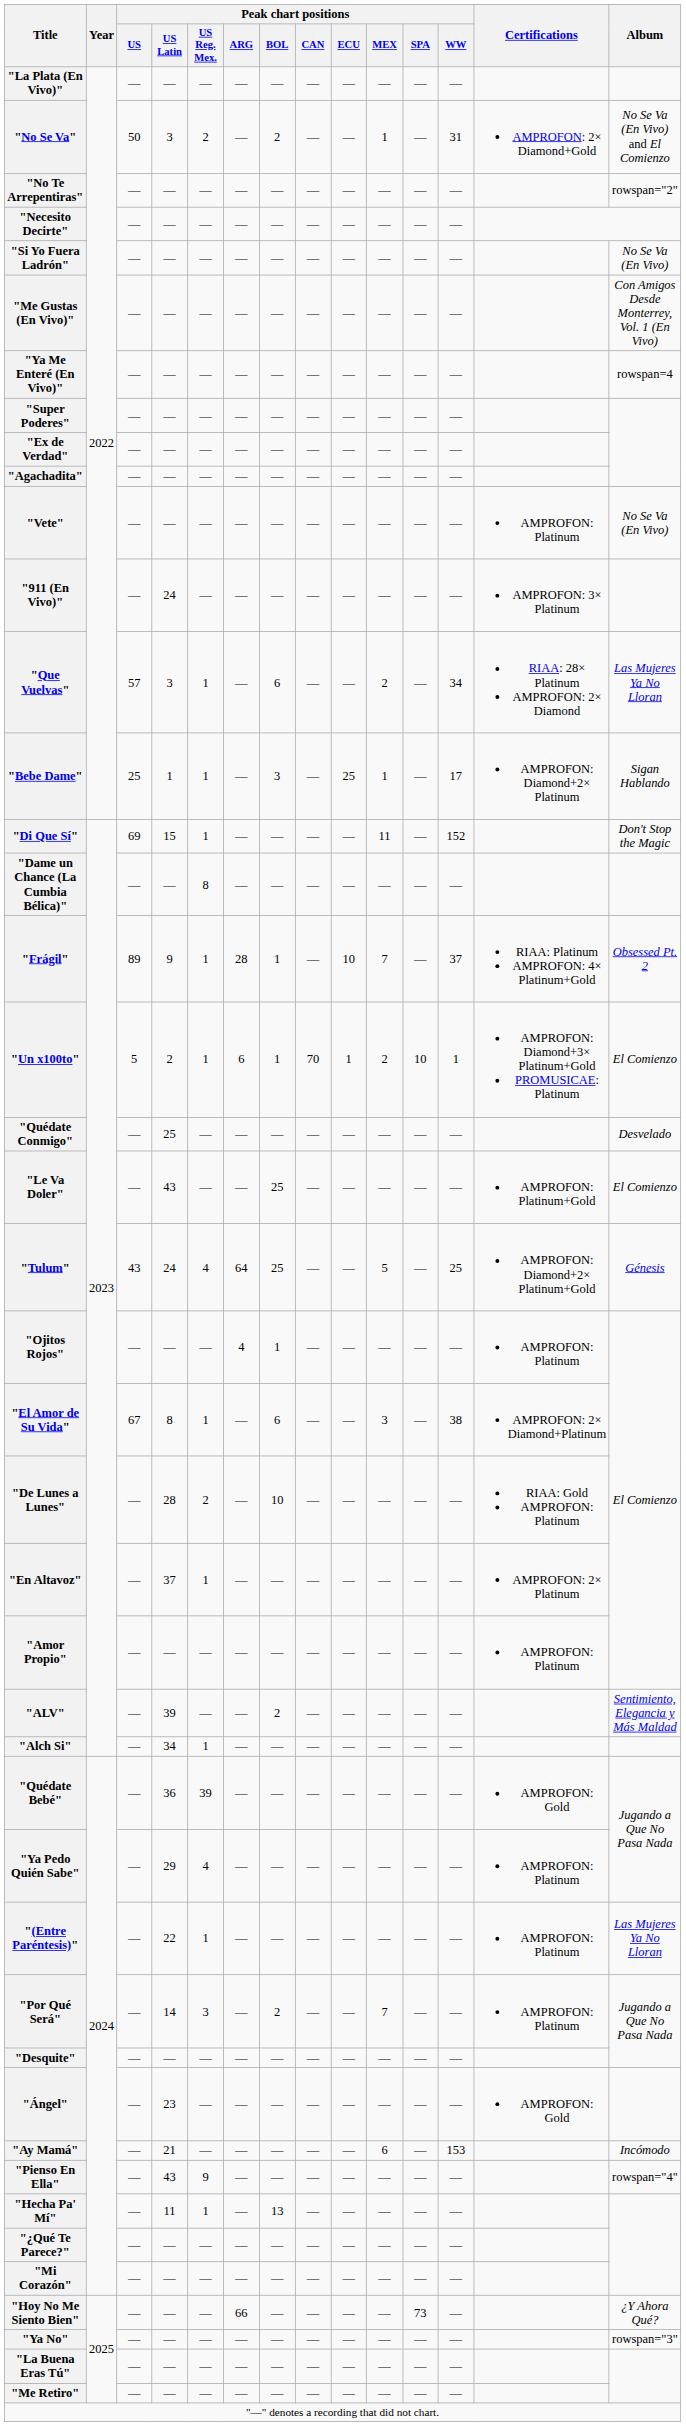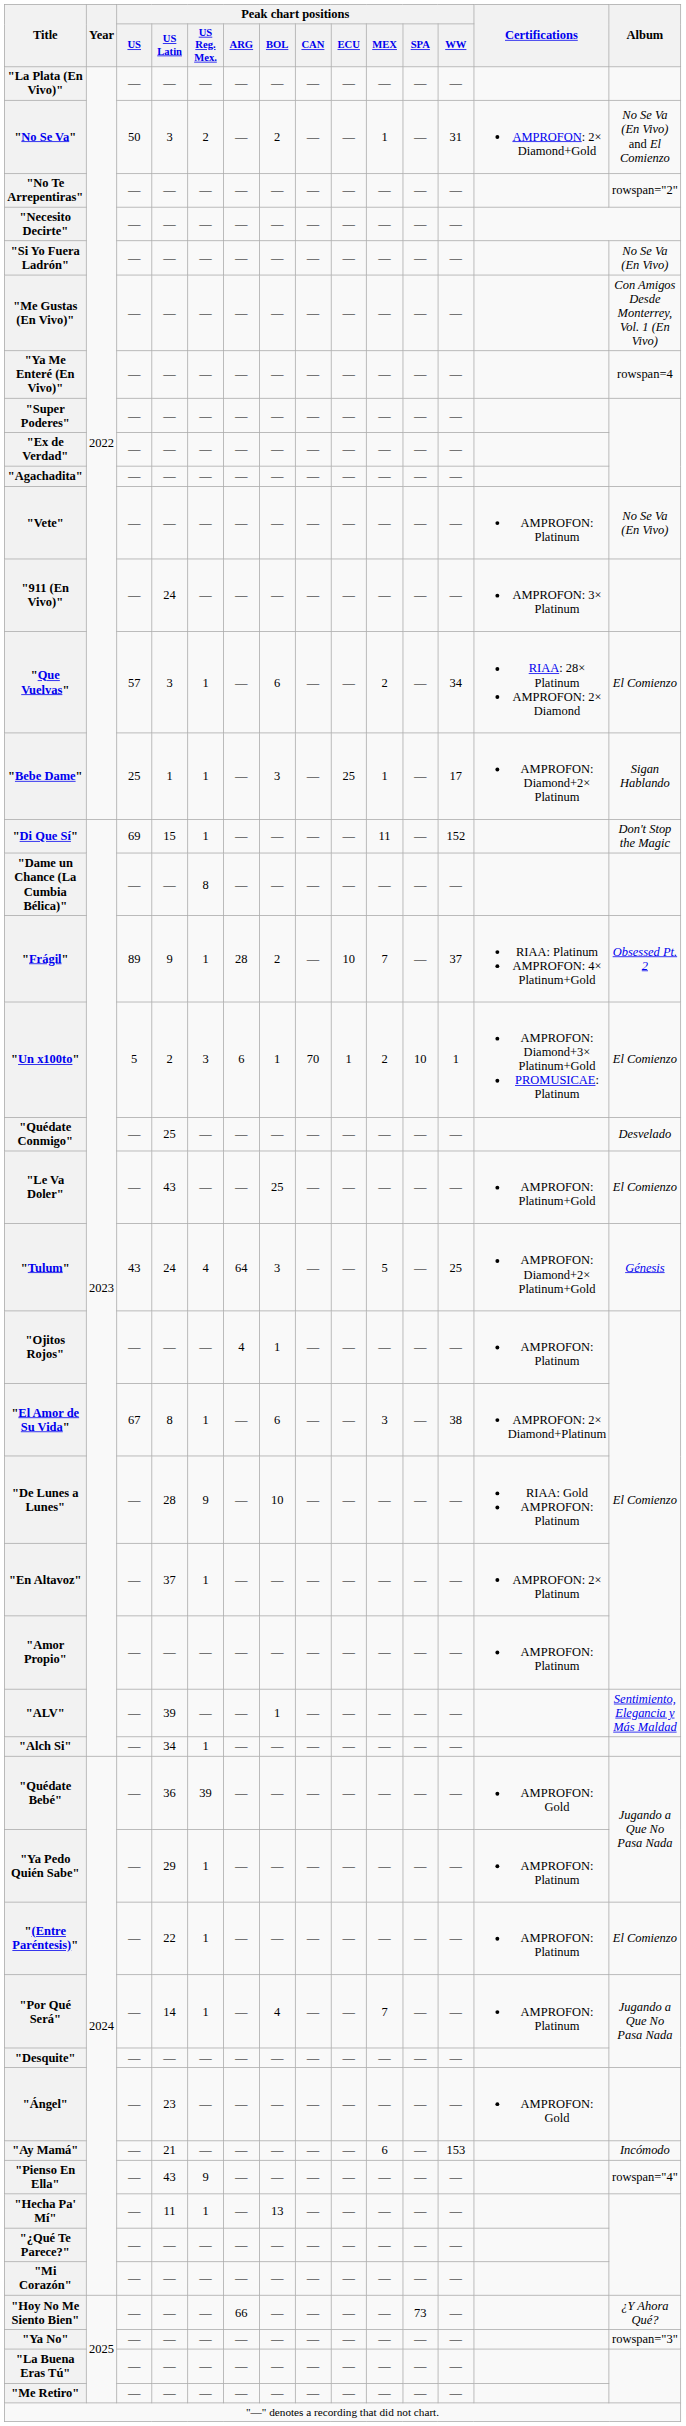 <table class="wikitable plainrowheaders" style="text-align:center;">
 <tr>
 <th scope="col" rowspan="2">Title</th>
 <th scope="col" rowspan="2">Year</th>
 <th scope="col" colspan="10">Peak chart positions</th>
 <th scope="col" rowspan="2"><a href='#'>Certifications</a></th>
 <th scope="col" rowspan="2">Album</th>
 </tr>
 <tr>
 <th scope="col" style="width:3em;font-size:85%;"><a href='#'>US</a><br></th>
 <th scope="col" style="width:3em;font-size:85%;"><a href='#'>US Latin</a><br></th>
 <th scope="col" style="width:3em;font-size:85%;"><a href='#'>US<br>Reg.<br>Mex.</a><br></th>
 <th scope="col" style="width:3em;font-size:85%;"><a href='#'>ARG</a><br></th>
 <th scope="col" style="width:3em;font-size:85%;"><a href='#'>BOL</a><br></th>
 <th scope="col" style="width:3em;font-size:85%;"><a href='#'>CAN</a><br></th>
 <th scope="col" style="width:3em;font-size:85%;"><a href='#'>ECU</a><br></th>
 <th scope="col" style="width:3em;font-size:85%;"><a href='#'>MEX</a><br></th>
 <th scope="col" style="width:3em;font-size:85%;"><a href='#'>SPA</a><br></th>
 <th scope="col" style="width:3em;font-size:85%;"><a href='#'>WW</a><br></th>
 </tr>
 <tr>
 <th scope="row">"La Plata (En Vivo)"</th>
 <td rowspan=14>2022</td>
 <td>—</td>
 <td>—</td>
 <td>—</td>
 <td>—</td>
 <td>—</td>
 <td>—</td>
 <td>—</td>
 <td>—</td>
 <td>—</td>
 <td>—</td>
 <td></td>
 <td></td>
 </tr>
 <tr>
 <th scope="row">"<a href='#'>No Se Va</a>"</th>
 <td>50</td>
 <td>3</td>
 <td>2</td>
 <td>—</td>
 <td>2</td>
 <td>—</td>
 <td>—</td>
 <td>1</td>
 <td>—</td>
 <td>31</td>
 <td><br><ul><li><a href='#'>AMPROFON</a>: 2× Diamond+Gold</li></ul></td>
 <td><em>No Se Va (En Vivo)</em> and <em>El Comienzo</em></td>
 </tr>
 <tr>
 <th scope="row">"No Te Arrepentiras"</th>
 <td>—</td>
 <td>—</td>
 <td>—</td>
 <td>—</td>
 <td>—</td>
 <td>—</td>
 <td>—</td>
 <td>—</td>
 <td>—</td>
 <td>—</td>
 <td></td>
 <td>rowspan="2" </td>
 </tr>
 <tr>
 <th scope="row">"Necesito Decirte"<br></th>
 <td>—</td>
 <td>—</td>
 <td>—</td>
 <td>—</td>
 <td>—</td>
 <td>—</td>
 <td>—</td>
 <td>—</td>
 <td>—</td>
 <td>—</td>
 </tr>
 <tr>
 <th scope="row">"Si Yo Fuera Ladrón"<br></th>
 <td>—</td>
 <td>—</td>
 <td>—</td>
 <td>—</td>
 <td>—</td>
 <td>—</td>
 <td>—</td>
 <td>—</td>
 <td>—</td>
 <td>—</td>
 <td></td>
 <td><em>No Se Va (En Vivo)</em></td>
 </tr>
 <tr>
 <th scope="row">"Me Gustas (En Vivo)"<br></th>
 <td>—</td>
 <td>—</td>
 <td>—</td>
 <td>—</td>
 <td>—</td>
 <td>—</td>
 <td>—</td>
 <td>—</td>
 <td>—</td>
 <td>—</td>
 <td></td>
 <td><em>Con Amigos Desde Monterrey, Vol. 1 (En Vivo)</em></td>
 </tr>
 <tr>
 <th scope="row">"Ya Me Enteré (En Vivo)"<br></th>
 <td>—</td>
 <td>—</td>
 <td>—</td>
 <td>—</td>
 <td>—</td>
 <td>—</td>
 <td>—</td>
 <td>—</td>
 <td>—</td>
 <td>—</td>
 <td></td>
 <td>rowspan=4 </td>
 </tr>
 <tr>
 <th scope="row">"Super Poderes"<br></th>
 <td>—</td>
 <td>—</td>
 <td>—</td>
 <td>—</td>
 <td>—</td>
 <td>—</td>
 <td>—</td>
 <td>—</td>
 <td>—</td>
 <td>—</td>
 <td></td>
 </tr>
 <tr>
 <th scope="row">"Ex de Verdad"</th>
 <td>—</td>
 <td>—</td>
 <td>—</td>
 <td>—</td>
 <td>—</td>
 <td>—</td>
 <td>—</td>
 <td>—</td>
 <td>—</td>
 <td>—</td>
 <td></td>
 </tr>
 <tr>
 <th scope="row">"Agachadita"<br></th>
 <td>—</td>
 <td>—</td>
 <td>—</td>
 <td>—</td>
 <td>—</td>
 <td>—</td>
 <td>—</td>
 <td>—</td>
 <td>—</td>
 <td>—</td>
 <td></td>
 </tr>
 <tr>
 <th scope="row">"Vete"</th>
 <td>—</td>
 <td>—</td>
 <td>—</td>
 <td>—</td>
 <td>—</td>
 <td>—</td>
 <td>—</td>
 <td>—</td>
 <td>—</td>
 <td>—</td>
 <td><br><ul><li>AMPROFON: Platinum</li></ul></td>
 <td><em>No Se Va (En Vivo)</em></td>
 </tr>
 <tr>
 <th scope="row">"911 (En Vivo)"<br></th>
 <td>—</td>
 <td>24</td>
 <td>—</td>
 <td>—</td>
 <td>—</td>
 <td>—</td>
 <td>—</td>
 <td>—</td>
 <td>—</td>
 <td>—</td>
 <td><br><ul><li>AMPROFON: 3× Platinum</li></ul></td>
 <td></td>
 </tr>
 <tr>
 <th scope="row">"<a href='#'>Que Vuelvas</a>"<br></th>
 <td>57</td>
 <td>3</td>
 <td>1</td>
 <td>—</td>
 <td>6</td>
 <td>—</td>
 <td>—</td>
 <td>2</td>
 <td>—</td>
 <td>34</td>
 <td><br><ul><li><a href='#'>RIAA</a>: 28× Platinum </li><li>AMPROFON: 2× Diamond</li></ul></td>
-<td><em><a href='#'>Las Mujeres Ya No Lloran</a></em></td>
+<td><em>El Comienzo</em></td>
 </tr>
 <tr>
 <th scope="row">"<a href='#'>Bebe Dame</a>"<br></th>
 <td>25</td>
 <td>1</td>
 <td>1</td>
 <td>—</td>
 <td>3</td>
 <td>—</td>
 <td>25</td>
 <td>1</td>
 <td>—</td>
 <td>17</td>
 <td><br><ul><li>AMPROFON: Diamond+2× Platinum</li></ul></td>
 <td><em>Sigan Hablando</em></td>
 </tr>
 <tr>
 <th scope="row">"<a href='#'>Di Que Sí</a>"<br></th>
 <td rowspan="14">2023</td>
 <td>69</td>
 <td>15</td>
 <td>1</td>
 <td>—</td>
 <td>—</td>
 <td>—</td>
 <td>—</td>
 <td>11</td>
 <td>—</td>
 <td>152</td>
 <td></td>
 <td><em>Don't Stop the Magic</em></td>
 </tr>
 <tr>
 <th scope="row">"Dame un Chance (La Cumbia Bélica)"<br></th>
 <td>—</td>
 <td>—</td>
 <td>8</td>
 <td>—</td>
 <td>—</td>
 <td>—</td>
 <td>—</td>
 <td>—</td>
 <td>—</td>
 <td>—</td>
 <td></td>
 <td></td>
 </tr>
 <tr>
 <th scope="row">"<a href='#'>Frágil</a>"<br></th>
 <td>89</td>
 <td>9</td>
 <td>1</td>
 <td>28</td>
-<td>1</td>
+<td>2</td>
 <td>—</td>
 <td>10</td>
 <td>7</td>
 <td>—</td>
 <td>37</td>
 <td><br><ul><li>RIAA: Platinum</li><li>AMPROFON: 4× Platinum+Gold</li></ul></td>
 <td><em><a href='#'>Obsessed Pt. 2</a></em></td>
 </tr>
 <tr>
 <th scope="row">"<a href='#'>Un x100to</a>"<br></th>
 <td>5</td>
 <td>2</td>
-<td>1</td>
+<td>3</td>
 <td>6</td>
 <td>1</td>
 <td>70</td>
 <td>1</td>
 <td>2</td>
 <td>10</td>
 <td>1</td>
 <td><br><ul><li>AMPROFON: Diamond+3× Platinum+Gold</li><li><a href='#'>PROMUSICAE</a>: Platinum</li></ul></td>
 <td><em>El Comienzo</em></td>
 </tr>
 <tr>
 <th scope="row">"Quédate Conmigo"<br></th>
 <td>—</td>
 <td>25</td>
 <td>—</td>
 <td>—</td>
 <td>—</td>
 <td>—</td>
 <td>—</td>
 <td>—</td>
 <td>—</td>
 <td>—</td>
 <td></td>
 <td><em>Desvelado</em></td>
 </tr>
 <tr>
 <th scope="row">"Le Va Doler"</th>
 <td>—</td>
 <td>43</td>
 <td>—</td>
 <td>—</td>
 <td>25</td>
 <td>—</td>
 <td>—</td>
 <td>—</td>
 <td>—</td>
 <td>—</td>
 <td><br><ul><li>AMPROFON: Platinum+Gold</li></ul></td>
 <td><em>El Comienzo</em></td>
 </tr>
 <tr>
 <th scope="row">"<a href='#'>Tulum</a>"<br></th>
 <td>43</td>
 <td>24</td>
 <td>4</td>
 <td>64</td>
-<td>25</td>
+<td>3</td>
 <td>—</td>
 <td>—</td>
 <td>5</td>
 <td>—</td>
 <td>25</td>
 <td><br><ul><li>AMPROFON: Diamond+2× Platinum+Gold</li></ul></td>
 <td><em><a href='#'>Génesis</a></em></td>
 </tr>
 <tr>
 <th scope="row">"Ojitos Rojos"<br></th>
 <td>—</td>
 <td>—</td>
 <td>—</td>
 <td>4</td>
 <td>1</td>
 <td>—</td>
 <td>—</td>
 <td>—</td>
 <td>—</td>
 <td>—</td>
 <td><br><ul><li>AMPROFON: Platinum</li></ul></td>
 <td rowspan=5><em>El Comienzo</em></td>
 </tr>
 <tr>
 <th scope="row">"<a href='#'>El Amor de Su Vida</a>"<br></th>
 <td>67</td>
 <td>8</td>
 <td>1</td>
 <td>—</td>
 <td>6</td>
 <td>—</td>
 <td>—</td>
 <td>3</td>
 <td>—</td>
 <td>38</td>
 <td><br><ul><li>AMPROFON: 2× Diamond+Platinum</li></ul></td>
 </tr>
 <tr>
 <th scope="row">"De Lunes a Lunes"<br></th>
 <td>—</td>
 <td>28</td>
-<td>2</td>
+<td>9</td>
 <td>—</td>
 <td>10</td>
 <td>—</td>
 <td>—</td>
 <td>—</td>
 <td>—</td>
 <td>—</td>
 <td><br><ul><li>RIAA: Gold </li><li>AMPROFON: Platinum</li></ul></td>
 </tr>
 <tr>
 <th scope="row">"En Altavoz"<br></th>
 <td>—</td>
 <td>37</td>
 <td>1</td>
 <td>—</td>
 <td>—</td>
 <td>—</td>
 <td>—</td>
 <td>—</td>
 <td>—</td>
 <td>—</td>
 <td><br><ul><li>AMPROFON: 2× Platinum</li></ul></td>
 </tr>
 <tr>
 <th scope="row">"Amor Propio"</th>
 <td>—</td>
 <td>—</td>
 <td>—</td>
 <td>—</td>
 <td>—</td>
 <td>—</td>
 <td>—</td>
 <td>—</td>
 <td>—</td>
 <td>—</td>
 <td><br><ul><li>AMPROFON: Platinum</li></ul></td>
 </tr>
 <tr>
 <th scope="row">"ALV" <br></th>
 <td>—</td>
 <td>39</td>
 <td>—</td>
 <td>—</td>
-<td>2</td>
+<td>1</td>
 <td>—</td>
 <td>—</td>
 <td>—</td>
 <td>—</td>
 <td>—</td>
 <td></td>
 <td><em><a href='#'>Sentimiento, Elegancia y Más Maldad</a></em></td>
 </tr>
 <tr>
 <th scope="row">"Alch Si"<br></th>
 <td>—</td>
 <td>34</td>
 <td>1</td>
 <td>—</td>
 <td>—</td>
 <td>—</td>
 <td>—</td>
 <td>—</td>
 <td>—</td>
 <td>—</td>
 <td></td>
 <td></td>
 </tr>
 <tr>
 <th scope="row">"Quédate Bebé"</th>
 <td rowspan="11">2024</td>
 <td>—</td>
 <td>36</td>
 <td>39</td>
 <td>—</td>
 <td>—</td>
 <td>—</td>
 <td>—</td>
 <td>—</td>
 <td>—</td>
 <td>—</td>
 <td><br><ul><li>AMPROFON: Gold</li></ul></td>
 <td rowspan="2"><em>Jugando a Que No Pasa Nada</em></td>
 </tr>
 <tr>
 <th scope="row">"Ya Pedo Quién Sabe"<br></th>
 <td>—</td>
 <td>29</td>
-<td>4</td>
+<td>1</td>
 <td>—</td>
 <td>—</td>
 <td>—</td>
 <td>—</td>
 <td>—</td>
 <td>—</td>
 <td>—</td>
 <td><br><ul><li>AMPROFON: Platinum</li></ul></td>
 </tr>
 <tr>
 <th scope="row">"<a href='#'>(Entre Paréntesis)</a>"<br></th>
 <td>—</td>
 <td>22</td>
 <td>1</td>
 <td>—</td>
 <td>—</td>
 <td>—</td>
 <td>—</td>
 <td>—</td>
 <td>—</td>
 <td>—</td>
 <td><br><ul><li>AMPROFON: Platinum</li></ul></td>
-<td><em><a href='#'>Las Mujeres Ya No Lloran</a></em></td>
+<td><em>El Comienzo</em></td>
 </tr>
 <tr>
 <th scope="row">"Por Qué Será"<br></th>
 <td>—</td>
 <td>14</td>
-<td>3</td>
+<td>1</td>
 <td>—</td>
-<td>2</td>
+<td>4</td>
 <td>—</td>
 <td>—</td>
 <td>7</td>
 <td>—</td>
 <td>—</td>
 <td><br><ul><li>AMPROFON: Platinum</li></ul></td>
 <td rowspan="2"><em>Jugando a Que No Pasa Nada</em></td>
 </tr>
 <tr>
 <th scope="row">"Desquite" <br></th>
 <td>—</td>
 <td>—</td>
 <td>—</td>
 <td>—</td>
 <td>—</td>
 <td>—</td>
 <td>—</td>
 <td>—</td>
 <td>—</td>
 <td>—</td>
 </tr>
 <tr>
 <th scope="row">"Ángel" <br></th>
 <td>—</td>
 <td>23</td>
 <td>—</td>
 <td>—</td>
 <td>—</td>
 <td>—</td>
 <td>—</td>
 <td>—</td>
 <td>—</td>
 <td>—</td>
 <td><br><ul><li>AMPROFON: Gold</li></ul></td>
 <td></td>
 </tr>
 <tr>
 <th scope="row">"Ay Mamá" <br></th>
 <td>—</td>
 <td>21</td>
 <td>—</td>
 <td>—</td>
 <td>—</td>
 <td>—</td>
 <td>—</td>
 <td>6</td>
 <td>—</td>
 <td>153</td>
 <td></td>
 <td><em>Incómodo</em></td>
 </tr>
 <tr>
 <th scope="row">"Pienso En Ella" <br></th>
 <td>—</td>
 <td>43</td>
 <td>9</td>
 <td>—</td>
 <td>—</td>
 <td>—</td>
 <td>—</td>
 <td>—</td>
 <td>—</td>
 <td>—</td>
 <td></td>
 <td>rowspan="4" </td>
 </tr>
 <tr>
 <th scope="row">"Hecha Pa' Mí"</th>
 <td>—</td>
 <td>11</td>
 <td>1</td>
 <td>—</td>
 <td>13</td>
 <td>—</td>
 <td>—</td>
 <td>—</td>
 <td>—</td>
 <td>—</td>
 <td></td>
 </tr>
 <tr>
 <th scope="row">"¿Qué Te Parece?" <br></th>
 <td>—</td>
 <td>—</td>
 <td>—</td>
 <td>—</td>
 <td>—</td>
 <td>—</td>
 <td>—</td>
 <td>—</td>
 <td>—</td>
 <td>—</td>
 <td></td>
 </tr>
 <tr>
 <th scope="row">"Mi Corazón"<br></th>
 <td>—</td>
 <td>—</td>
 <td>—</td>
 <td>—</td>
 <td>—</td>
 <td>—</td>
 <td>—</td>
 <td>—</td>
 <td>—</td>
 <td>—</td>
 <td></td>
 </tr>
 <tr>
 <th scope="row">"Hoy No Me Siento Bien"<br></th>
 <td rowspan="4">2025</td>
 <td>—</td>
 <td>—</td>
 <td>—</td>
 <td>66</td>
 <td>—</td>
 <td>—</td>
 <td>—</td>
 <td>—</td>
 <td>73</td>
 <td>—</td>
 <td></td>
 <td><em>¿Y Ahora Qué?</em></td>
 </tr>
 <tr>
 <th scope="row">"Ya No"</th>
 <td>—</td>
 <td>—</td>
 <td>—</td>
 <td>—</td>
 <td>—</td>
 <td>—</td>
 <td>—</td>
 <td>—</td>
 <td>—</td>
 <td>—</td>
 <td></td>
 <td>rowspan="3" </td>
 </tr>
 <tr>
 <th scope="row">"La Buena Eras Tú"<br></th>
 <td>—</td>
 <td>—</td>
 <td>—</td>
 <td>—</td>
 <td>—</td>
 <td>—</td>
 <td>—</td>
 <td>—</td>
 <td>—</td>
 <td>—</td>
 <td></td>
 </tr>
 <tr>
 <th scope="row">"Me Retiro"<br></th>
 <td>—</td>
 <td>—</td>
 <td>—</td>
 <td>—</td>
 <td>—</td>
 <td>—</td>
 <td>—</td>
 <td>—</td>
 <td>—</td>
 <td>—</td>
 <td></td>
 </tr>
 <tr>
 <td colspan="14" style="font-size:90%">"—" denotes a recording that did not chart.</td>
 </tr>
 </table>
